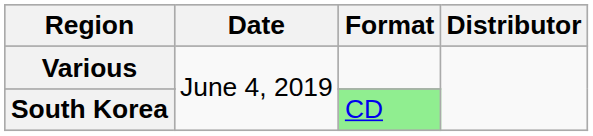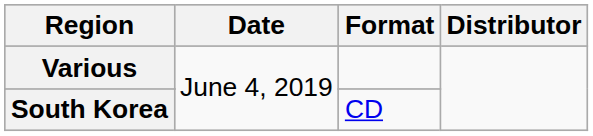 <table class="wikitable plainrowheaders">
 <tr>
 <th>Region</th>
 <th>Date</th>
 <th>Format</th>
 <th>Distributor</th>
 </tr>
 <tr>
 <th scope="row">Various</th>
 <td rowspan="3">June 4, 2019</td>
 <td rowspan="2"></td>
 <td rowspan="3"></td>
 </tr>
 <tr>
 <th scope="row" rowspan="2">South Korea</th>
 </tr>
 <tr>
-<td style="background: lightgreen;"><a href='#'>CD</a></td>
+<td><a href='#'>CD</a></td>
 </tr>
 </table>
